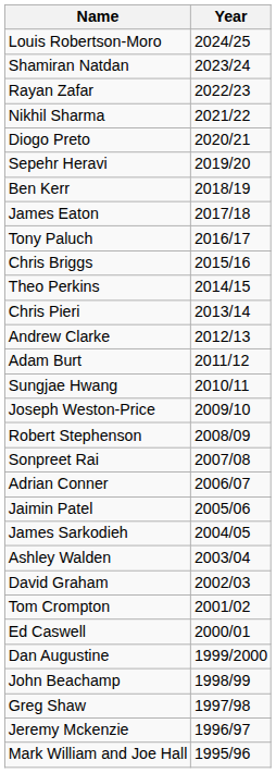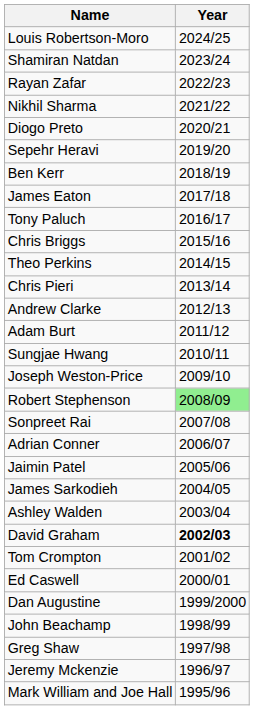 <table class="wikitable">
 <tr>
 <th>Name</th>
 <th>Year</th>
 </tr>
 <tr>
 <td>Louis Robertson-Moro</td>
 <td>2024/25</td>
 </tr>
 <tr>
 <td>Shamiran Natdan</td>
 <td>2023/24</td>
 </tr>
 <tr>
 <td>Rayan Zafar</td>
 <td>2022/23</td>
 </tr>
 <tr>
 <td>Nikhil Sharma</td>
 <td>2021/22</td>
 </tr>
 <tr>
 <td>Diogo Preto</td>
 <td>2020/21</td>
 </tr>
 <tr>
 <td>Sepehr Heravi</td>
 <td>2019/20</td>
 </tr>
 <tr>
 <td>Ben Kerr</td>
 <td>2018/19</td>
 </tr>
 <tr>
 <td>James Eaton</td>
 <td>2017/18</td>
 </tr>
 <tr>
 <td>Tony Paluch</td>
 <td>2016/17</td>
 </tr>
 <tr>
 <td>Chris Briggs</td>
 <td>2015/16</td>
 </tr>
 <tr>
 <td>Theo Perkins</td>
 <td>2014/15</td>
 </tr>
 <tr>
 <td>Chris Pieri</td>
 <td>2013/14</td>
 </tr>
 <tr>
 <td>Andrew Clarke</td>
 <td>2012/13</td>
 </tr>
 <tr>
 <td>Adam Burt</td>
 <td>2011/12</td>
 </tr>
 <tr>
 <td>Sungjae Hwang</td>
 <td>2010/11</td>
 </tr>
 <tr>
 <td>Joseph Weston-Price</td>
 <td>2009/10</td>
 </tr>
 <tr>
 <td>Robert Stephenson</td>
-<td>2008/09</td>
+<td style="background: lightgreen;">2008/09</td>
 </tr>
 <tr>
 <td>Sonpreet Rai</td>
 <td>2007/08</td>
 </tr>
 <tr>
 <td>Adrian Conner</td>
 <td>2006/07</td>
 </tr>
 <tr>
 <td>Jaimin Patel</td>
 <td>2005/06</td>
 </tr>
 <tr>
 <td>James Sarkodieh</td>
 <td>2004/05</td>
 </tr>
 <tr>
 <td>Ashley Walden</td>
 <td>2003/04</td>
 </tr>
 <tr>
 <td>David Graham</td>
-<td>2002/03</td>
+<td><strong>2002/03</strong></td>
 </tr>
 <tr>
 <td>Tom Crompton</td>
 <td>2001/02</td>
 </tr>
 <tr>
 <td>Ed Caswell</td>
 <td>2000/01</td>
 </tr>
 <tr>
 <td>Dan Augustine</td>
 <td>1999/2000</td>
 </tr>
 <tr>
 <td>John Beachamp</td>
 <td>1998/99</td>
 </tr>
 <tr>
 <td>Greg Shaw</td>
 <td>1997/98</td>
 </tr>
 <tr>
 <td>Jeremy Mckenzie</td>
 <td>1996/97</td>
 </tr>
 <tr>
 <td>Mark William and Joe Hall</td>
 <td>1995/96</td>
 </tr>
 </table>
